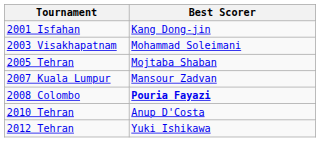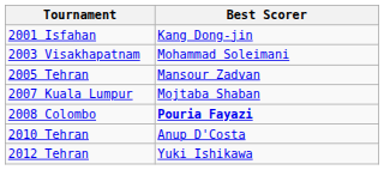 <table class=wikitable style="width: 400px;">
 <tr>
 <th style="width: 40%;">Tournament</th>
 <th style="width: 60%;">Best Scorer</th>
 </tr>
 <tr>
 <td><a href='#'>2001 Isfahan</a></td>
 <td> <a href='#'>Kang Dong-jin</a></td>
 </tr>
 <tr>
 <td><a href='#'>2003 Visakhapatnam</a></td>
 <td> <a href='#'>Mohammad Soleimani</a></td>
 </tr>
 <tr>
 <td><a href='#'>2005 Tehran</a></td>
-<td> <a href='#'>Mojtaba Shaban</a></td>
+<td> <a href='#'>Mansour Zadvan</a></td>
 </tr>
 <tr>
 <td><a href='#'>2007 Kuala Lumpur</a></td>
-<td> <a href='#'>Mansour Zadvan</a></td>
+<td> <a href='#'>Mojtaba Shaban</a></td>
 </tr>
 <tr>
 <td><a href='#'>2008 Colombo</a></td>
 <td><strong> <a href='#'>Pouria Fayazi</a></strong></td>
 </tr>
 <tr>
 <td><a href='#'>2010 Tehran</a></td>
 <td> <a href='#'>Anup D'Costa</a></td>
 </tr>
 <tr>
 <td><a href='#'>2012 Tehran</a></td>
 <td> <a href='#'>Yuki Ishikawa</a></td>
 </tr>
 </table>
